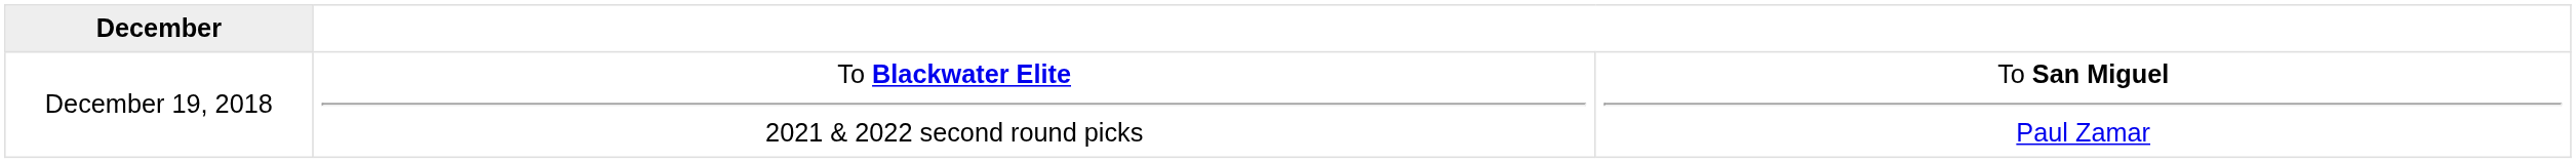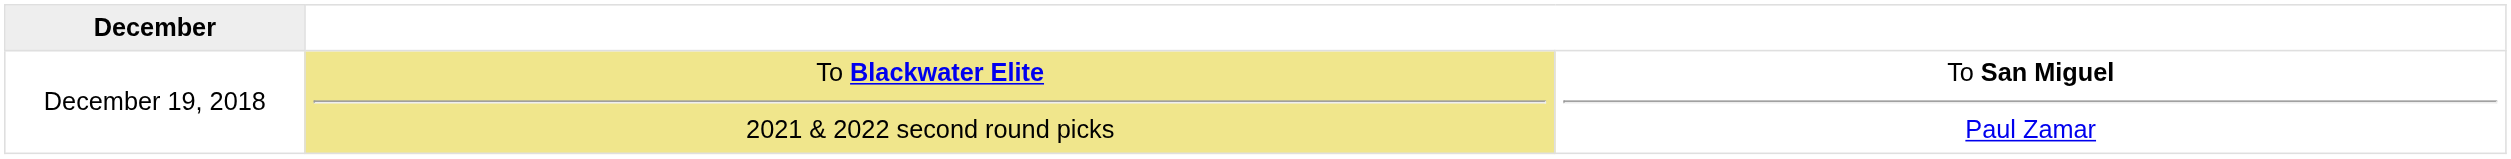 <table border=1 style="border-collapse:collapse; text-align: center; width: 100%" bordercolor="#DFDFDF"  cellpadding="5">
 <tr bgcolor="eeeeee">
 <th>December</th>
 </tr>
 <tr>
 <td style="width:12%" rowspan=1>December 19, 2018</td>
-<td style="width:50%" valign="top">To <strong><a href='#'>Blackwater Elite</a></strong><hr>2021 & 2022 second round picks</td>
+<td style="background: khaki; width:50%" valign="top">To <strong><a href='#'>Blackwater Elite</a></strong><hr>2021 & 2022 second round picks</td>
 <td style="width:50%" valign="top">To <strong>San Miguel</strong><hr><a href='#'>Paul Zamar</a></td>
 </tr>
 </table>
